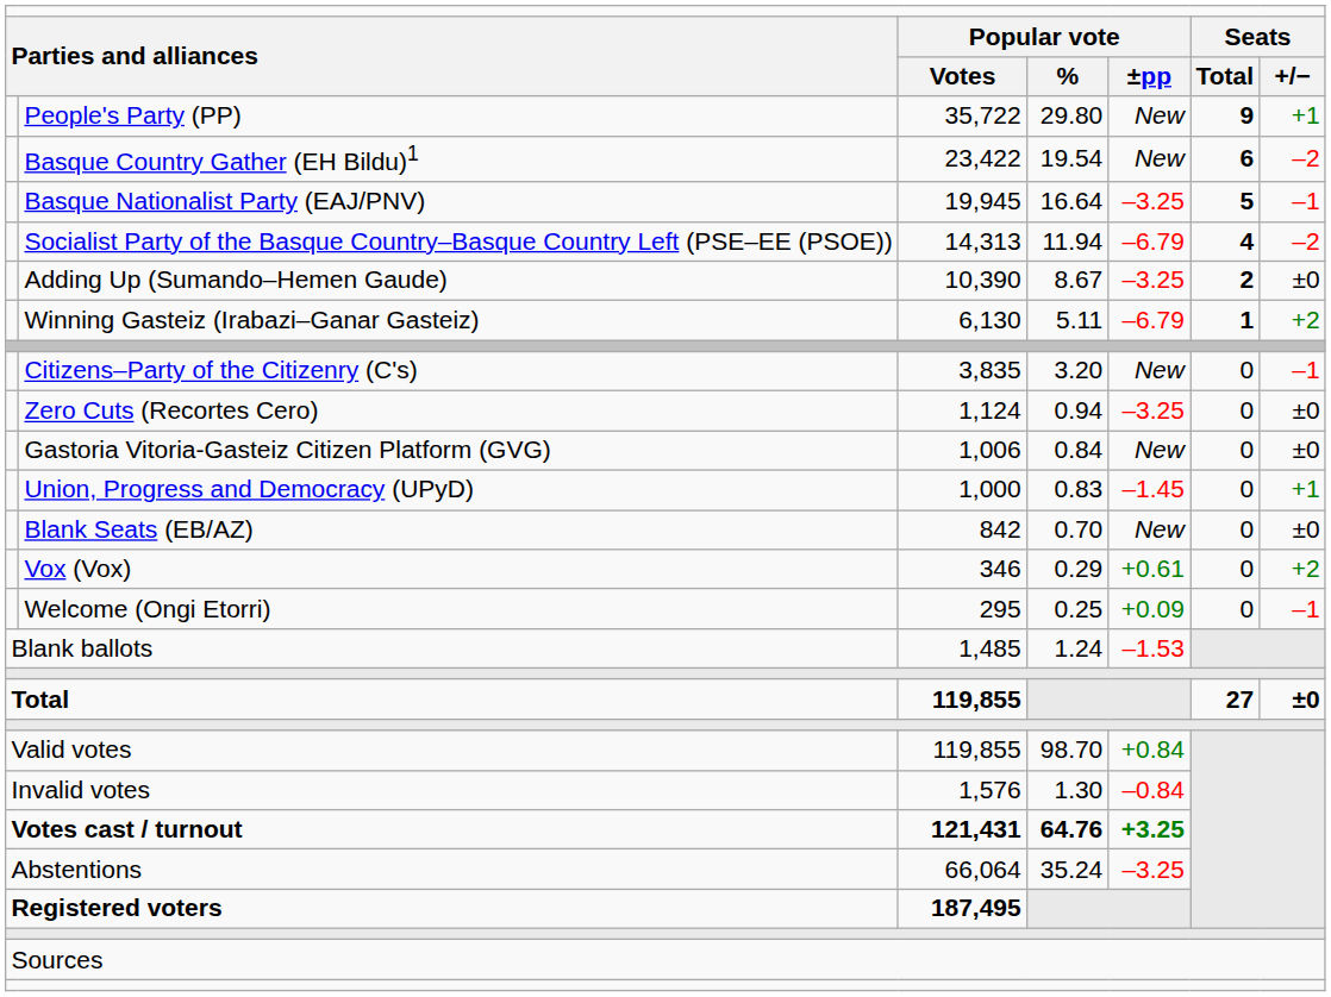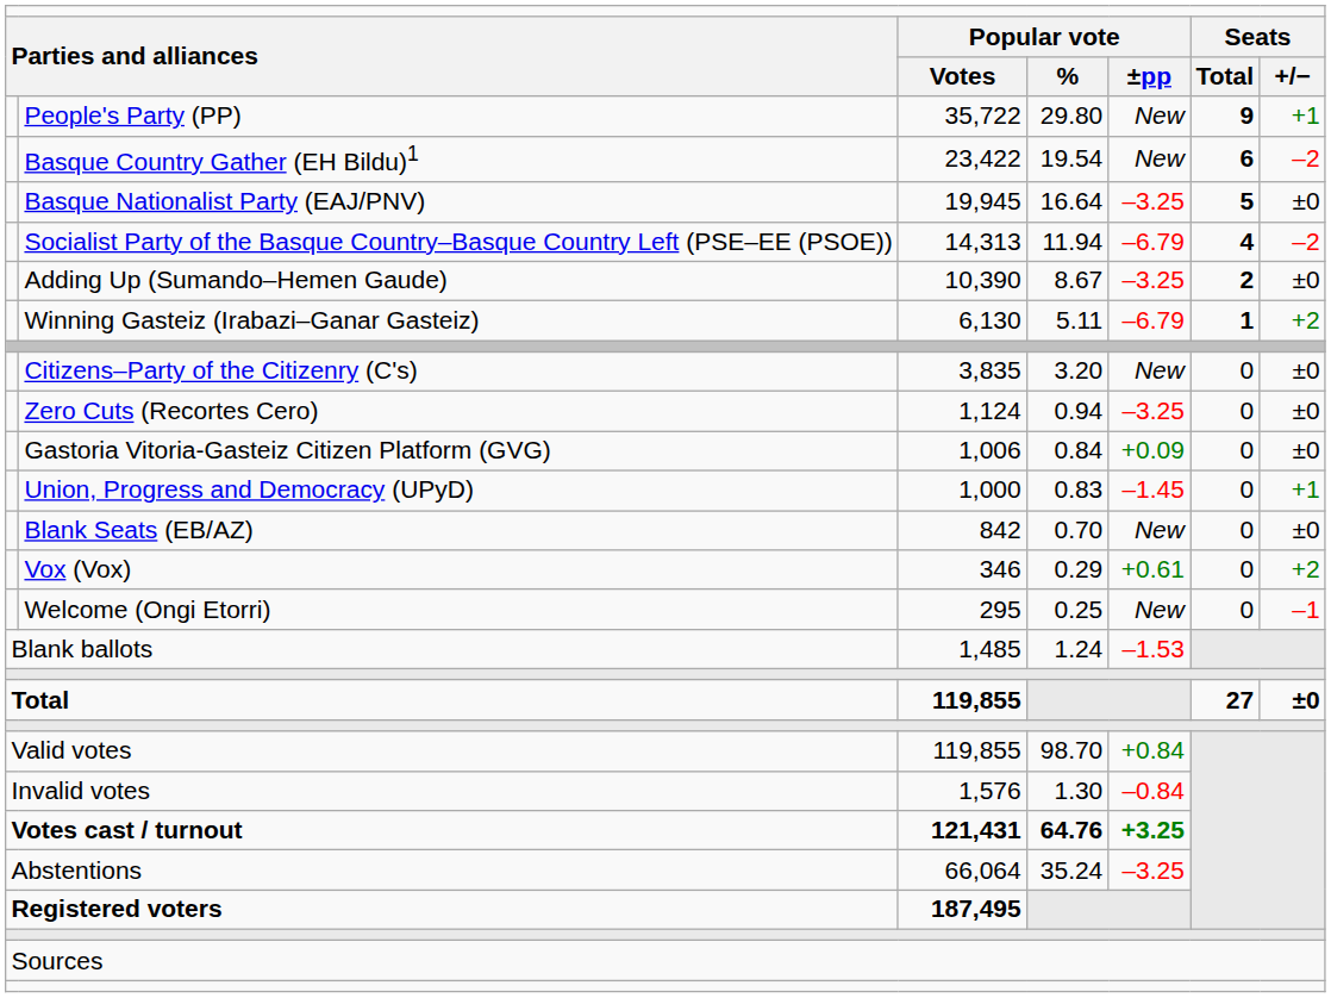 <table class="wikitable" style="text-align:right;">
 <tr>
 <td colspan="7"></td>
 </tr>
 <tr>
 <th style="text-align:left;" rowspan="2" colspan="2" width="525">Parties and alliances</th>
 <th colspan="3">Popular vote</th>
 <th colspan="2">Seats</th>
 </tr>
 <tr>
 <th width="75">Votes</th>
 <th width="45">%</th>
 <th width="45">±<a href='#'>pp</a></th>
 <th width="35">Total</th>
 <th width="35">+/−</th>
 </tr>
 <tr>
 <td width="1" style="color:inherit;background:"></td>
 <td align="left"><a href='#'>People's Party</a> (PP)</td>
 <td>35,722</td>
 <td>29.80</td>
 <td><em>New</em></td>
 <td><strong>9</strong></td>
 <td style="color:green;">+1</td>
 </tr>
 <tr>
 <td style="color:inherit;background:"></td>
 <td align="left"><a href='#'>Basque Country Gather</a> (EH Bildu)<sup>1</sup></td>
 <td>23,422</td>
 <td>19.54</td>
 <td><em>New</em></td>
 <td><strong>6</strong></td>
 <td style="color:red;">–2</td>
 </tr>
 <tr>
 <td style="color:inherit;background:"></td>
 <td align="left"><a href='#'>Basque Nationalist Party</a> (EAJ/PNV)</td>
 <td>19,945</td>
 <td>16.64</td>
 <td style="color:red;">–3.25</td>
 <td><strong>5</strong></td>
-<td style="color:red;">–1</td>
+<td>±0</td>
 </tr>
 <tr>
 <td style="color:inherit;background:"></td>
 <td align="left"><a href='#'>Socialist Party of the Basque Country–Basque Country Left</a> (PSE–EE (PSOE))</td>
 <td>14,313</td>
 <td>11.94</td>
 <td style="color:red;">–6.79</td>
 <td><strong>4</strong></td>
 <td style="color:red;">–2</td>
 </tr>
 <tr>
 <td style="color:inherit;background:"></td>
 <td align="left">Adding Up (Sumando–Hemen Gaude)</td>
 <td>10,390</td>
 <td>8.67</td>
 <td style="color:red;">–3.25</td>
 <td><strong>2</strong></td>
 <td>±0</td>
 </tr>
 <tr>
 <td style="color:inherit;background:"></td>
 <td align="left">Winning Gasteiz (Irabazi–Ganar Gasteiz)</td>
 <td>6,130</td>
 <td>5.11</td>
 <td style="color:red;">–6.79</td>
 <td><strong>1</strong></td>
 <td style="color:green;">+2</td>
 </tr>
 <tr>
 <td colspan="7" bgcolor="#C0C0C0"></td>
 </tr>
 <tr>
 <td style="color:inherit;background:"></td>
 <td align="left"><a href='#'>Citizens–Party of the Citizenry</a> (C's)</td>
 <td>3,835</td>
 <td>3.20</td>
 <td><em>New</em></td>
 <td>0</td>
-<td style="color:red;">–1</td>
+<td>±0</td>
 </tr>
 <tr>
 <td style="color:inherit;background:"></td>
 <td align="left"><a href='#'>Zero Cuts</a> (Recortes Cero)</td>
 <td>1,124</td>
 <td>0.94</td>
 <td style="color:red;">–3.25</td>
 <td>0</td>
 <td>±0</td>
 </tr>
 <tr>
 <td style="color:inherit;background:"></td>
 <td align="left">Gastoria Vitoria-Gasteiz Citizen Platform (GVG)</td>
 <td>1,006</td>
 <td>0.84</td>
-<td><em>New</em></td>
+<td style="color:green;">+0.09</td>
 <td>0</td>
 <td>±0</td>
 </tr>
 <tr>
 <td style="color:inherit;background:"></td>
 <td align="left"><a href='#'>Union, Progress and Democracy</a> (UPyD)</td>
 <td>1,000</td>
 <td>0.83</td>
 <td style="color:red;">–1.45</td>
 <td>0</td>
 <td style="color:green;">+1</td>
 </tr>
 <tr>
 <td style="color:inherit;background:"></td>
 <td align="left"><a href='#'>Blank Seats</a> (EB/AZ)</td>
 <td>842</td>
 <td>0.70</td>
 <td><em>New</em></td>
 <td>0</td>
 <td>±0</td>
 </tr>
 <tr>
 <td style="color:inherit;background:"></td>
 <td align="left"><a href='#'>Vox</a> (Vox)</td>
 <td>346</td>
 <td>0.29</td>
 <td style="color:green;">+0.61</td>
 <td>0</td>
 <td style="color:green;">+2</td>
 </tr>
 <tr>
 <td style="color:inherit;background:"></td>
 <td align="left">Welcome (Ongi Etorri)</td>
 <td>295</td>
 <td>0.25</td>
-<td style="color:green;">+0.09</td>
+<td><em>New</em></td>
 <td>0</td>
 <td style="color:red;">–1</td>
 </tr>
 <tr>
 <td align="left" colspan="2">Blank ballots</td>
 <td>1,485</td>
 <td>1.24</td>
 <td style="color:red;">–1.53</td>
 <td bgcolor="#E9E9E9" colspan="2"></td>
 </tr>
 <tr>
 <td colspan="7" bgcolor="#E9E9E9"></td>
 </tr>
 <tr style="font-weight:bold;">
 <td align="left" colspan="2">Total</td>
 <td>119,855</td>
 <td bgcolor="#E9E9E9" colspan="2"></td>
 <td>27</td>
 <td>±0</td>
 </tr>
 <tr>
 <td colspan="7" bgcolor="#E9E9E9"></td>
 </tr>
 <tr>
 <td align="left" colspan="2">Valid votes</td>
 <td>119,855</td>
 <td>98.70</td>
 <td style="color:green;">+0.84</td>
 <td bgcolor="#E9E9E9" colspan="2" rowspan="5"></td>
 </tr>
 <tr>
 <td align="left" colspan="2">Invalid votes</td>
 <td>1,576</td>
 <td>1.30</td>
 <td style="color:red;">–0.84</td>
 </tr>
 <tr style="font-weight:bold;">
 <td align="left" colspan="2">Votes cast / turnout</td>
 <td>121,431</td>
 <td>64.76</td>
 <td style="color:green;">+3.25</td>
 </tr>
 <tr>
 <td align="left" colspan="2">Abstentions</td>
 <td>66,064</td>
 <td>35.24</td>
 <td style="color:red;">–3.25</td>
 </tr>
 <tr style="font-weight:bold;">
 <td align="left" colspan="2">Registered voters</td>
 <td>187,495</td>
 <td bgcolor="#E9E9E9" colspan="2"></td>
 </tr>
 <tr>
 <td colspan="7" bgcolor="#E9E9E9"></td>
 </tr>
 <tr>
 <td align="left" colspan="7">Sources</td>
 </tr>
 <tr>
 <td colspan="7" style="text-align:left; max-width:790px;"></td>
 </tr>
 </table>
